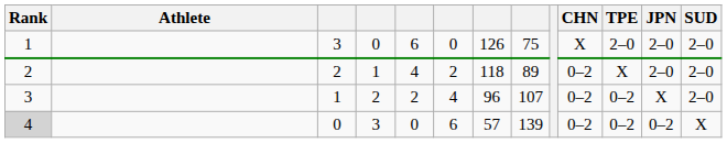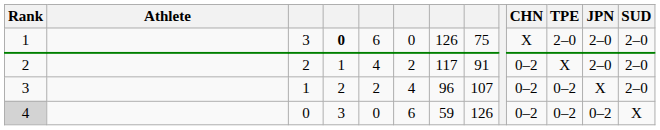 <table class="wikitable" style="text-align:center">
 <tr>
 <th>Rank</th>
 <th width=250>Athlete</th>
 <th width=30></th>
 <th width=30></th>
 <th width=30></th>
 <th width=30></th>
 <th width=30></th>
 <th width=30></th>
 <th rowspan=5></th>
 <th width=30>CHN</th>
 <th width=30>TPE</th>
 <th width=30>JPN</th>
 <th width=30>SUD</th>
 </tr>
 <tr style="border-bottom:2px solid green;">
 <td>1</td>
 <td align=left></td>
 <td>3</td>
-<td>0</td>
+<td><strong>0</strong></td>
 <td>6</td>
 <td>0</td>
 <td>126</td>
 <td>75</td>
 <td>X</td>
 <td>2–0</td>
 <td>2–0</td>
 <td>2–0</td>
 </tr>
 <tr>
 <td>2</td>
 <td align=left></td>
 <td>2</td>
 <td>1</td>
 <td>4</td>
 <td>2</td>
-<td>118</td>
-<td>89</td>
+<td>117</td>
+<td>91</td>
 <td>0–2</td>
 <td>X</td>
 <td>2–0</td>
 <td>2–0</td>
 </tr>
 <tr>
 <td>3</td>
 <td align=left></td>
 <td>1</td>
 <td>2</td>
 <td>2</td>
 <td>4</td>
 <td>96</td>
 <td>107</td>
 <td>0–2</td>
 <td>0–2</td>
 <td>X</td>
 <td>2–0</td>
 </tr>
 <tr>
 <td style="background: lightgrey;">4</td>
 <td align=left></td>
 <td>0</td>
 <td>3</td>
 <td>0</td>
 <td>6</td>
-<td>57</td>
-<td>139</td>
+<td>59</td>
+<td>126</td>
 <td>0–2</td>
 <td>0–2</td>
 <td>0–2</td>
 <td>X</td>
 </tr>
 </table>
